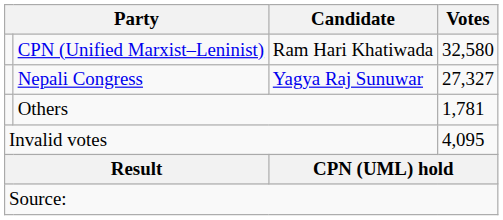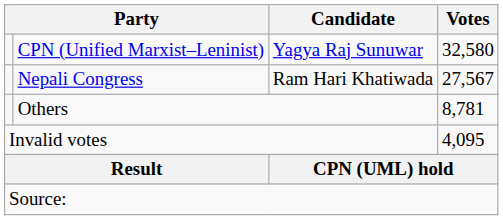 <table class="wikitable">
 <tr>
 <th colspan="2">Party</th>
 <th>Candidate</th>
 <th>Votes</th>
 </tr>
 <tr>
 <td style="background-color:"></td>
 <td><a href='#'>CPN (Unified Marxist–Leninist)</a></td>
-<td>Ram Hari Khatiwada</td>
+<td><a href='#'>Yagya Raj Sunuwar</a></td>
 <td>32,580</td>
 </tr>
 <tr>
 <td style="background-color:"></td>
 <td><a href='#'>Nepali Congress</a></td>
-<td><a href='#'>Yagya Raj Sunuwar</a></td>
-<td>27,327</td>
+<td>Ram Hari Khatiwada</td>
+<td>27,567</td>
 </tr>
 <tr>
 <td></td>
 <td colspan="2">Others</td>
-<td>1,781</td>
+<td>8,781</td>
 </tr>
 <tr>
 <td colspan="3">Invalid votes</td>
 <td>4,095</td>
 </tr>
 <tr>
 <th colspan="2">Result</th>
 <th colspan="2">CPN (UML) hold</th>
 </tr>
 <tr>
 <td colspan="4">Source: </td>
 </tr>
 </table>
